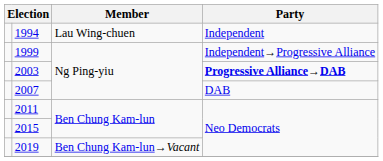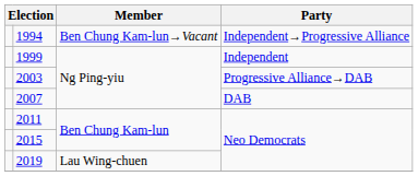 <table class="wikitable">
 <tr>
 <th colspan="2">Election</th>
 <th>Member</th>
 <th>Party</th>
 </tr>
 <tr>
 <td style="background-color: "></td>
 <td><a href='#'>1994</a></td>
-<td>Lau Wing-chuen</td>
-<td><a href='#'>Independent</a></td>
+<td><a href='#'>Ben Chung Kam-lun</a>→<em>Vacant</em></td>
+<td><a href='#'>Independent</a>→<a href='#'>Progressive Alliance</a></td>
 </tr>
 <tr>
 <td style="background-color: "></td>
 <td><a href='#'>1999</a></td>
 <td rowspan=3>Ng Ping-yiu</td>
-<td><a href='#'>Independent</a>→<a href='#'>Progressive Alliance</a></td>
+<td><a href='#'>Independent</a></td>
 </tr>
 <tr>
 <td style="background-color: "></td>
 <td><a href='#'>2003</a></td>
-<td><strong><a href='#'>Progressive Alliance</a>→<a href='#'>DAB</a></strong></td>
+<td><a href='#'>Progressive Alliance</a>→<a href='#'>DAB</a></td>
 </tr>
 <tr>
 <td style="background-color: "></td>
 <td><a href='#'>2007</a></td>
 <td><a href='#'>DAB</a></td>
 </tr>
 <tr>
 <td style="background-color: "></td>
 <td><a href='#'>2011</a></td>
 <td rowspan=2><a href='#'>Ben Chung Kam-lun</a></td>
 <td rowspan=3><a href='#'>Neo Democrats</a></td>
 </tr>
 <tr>
 <td style="background-color: "></td>
 <td><a href='#'>2015</a></td>
 </tr>
 <tr>
 <td style="background-color: "></td>
 <td><a href='#'>2019</a></td>
-<td><a href='#'>Ben Chung Kam-lun</a>→<em>Vacant</em></td>
+<td>Lau Wing-chuen</td>
 </tr>
 <tr>
 </tr>
 </table>
